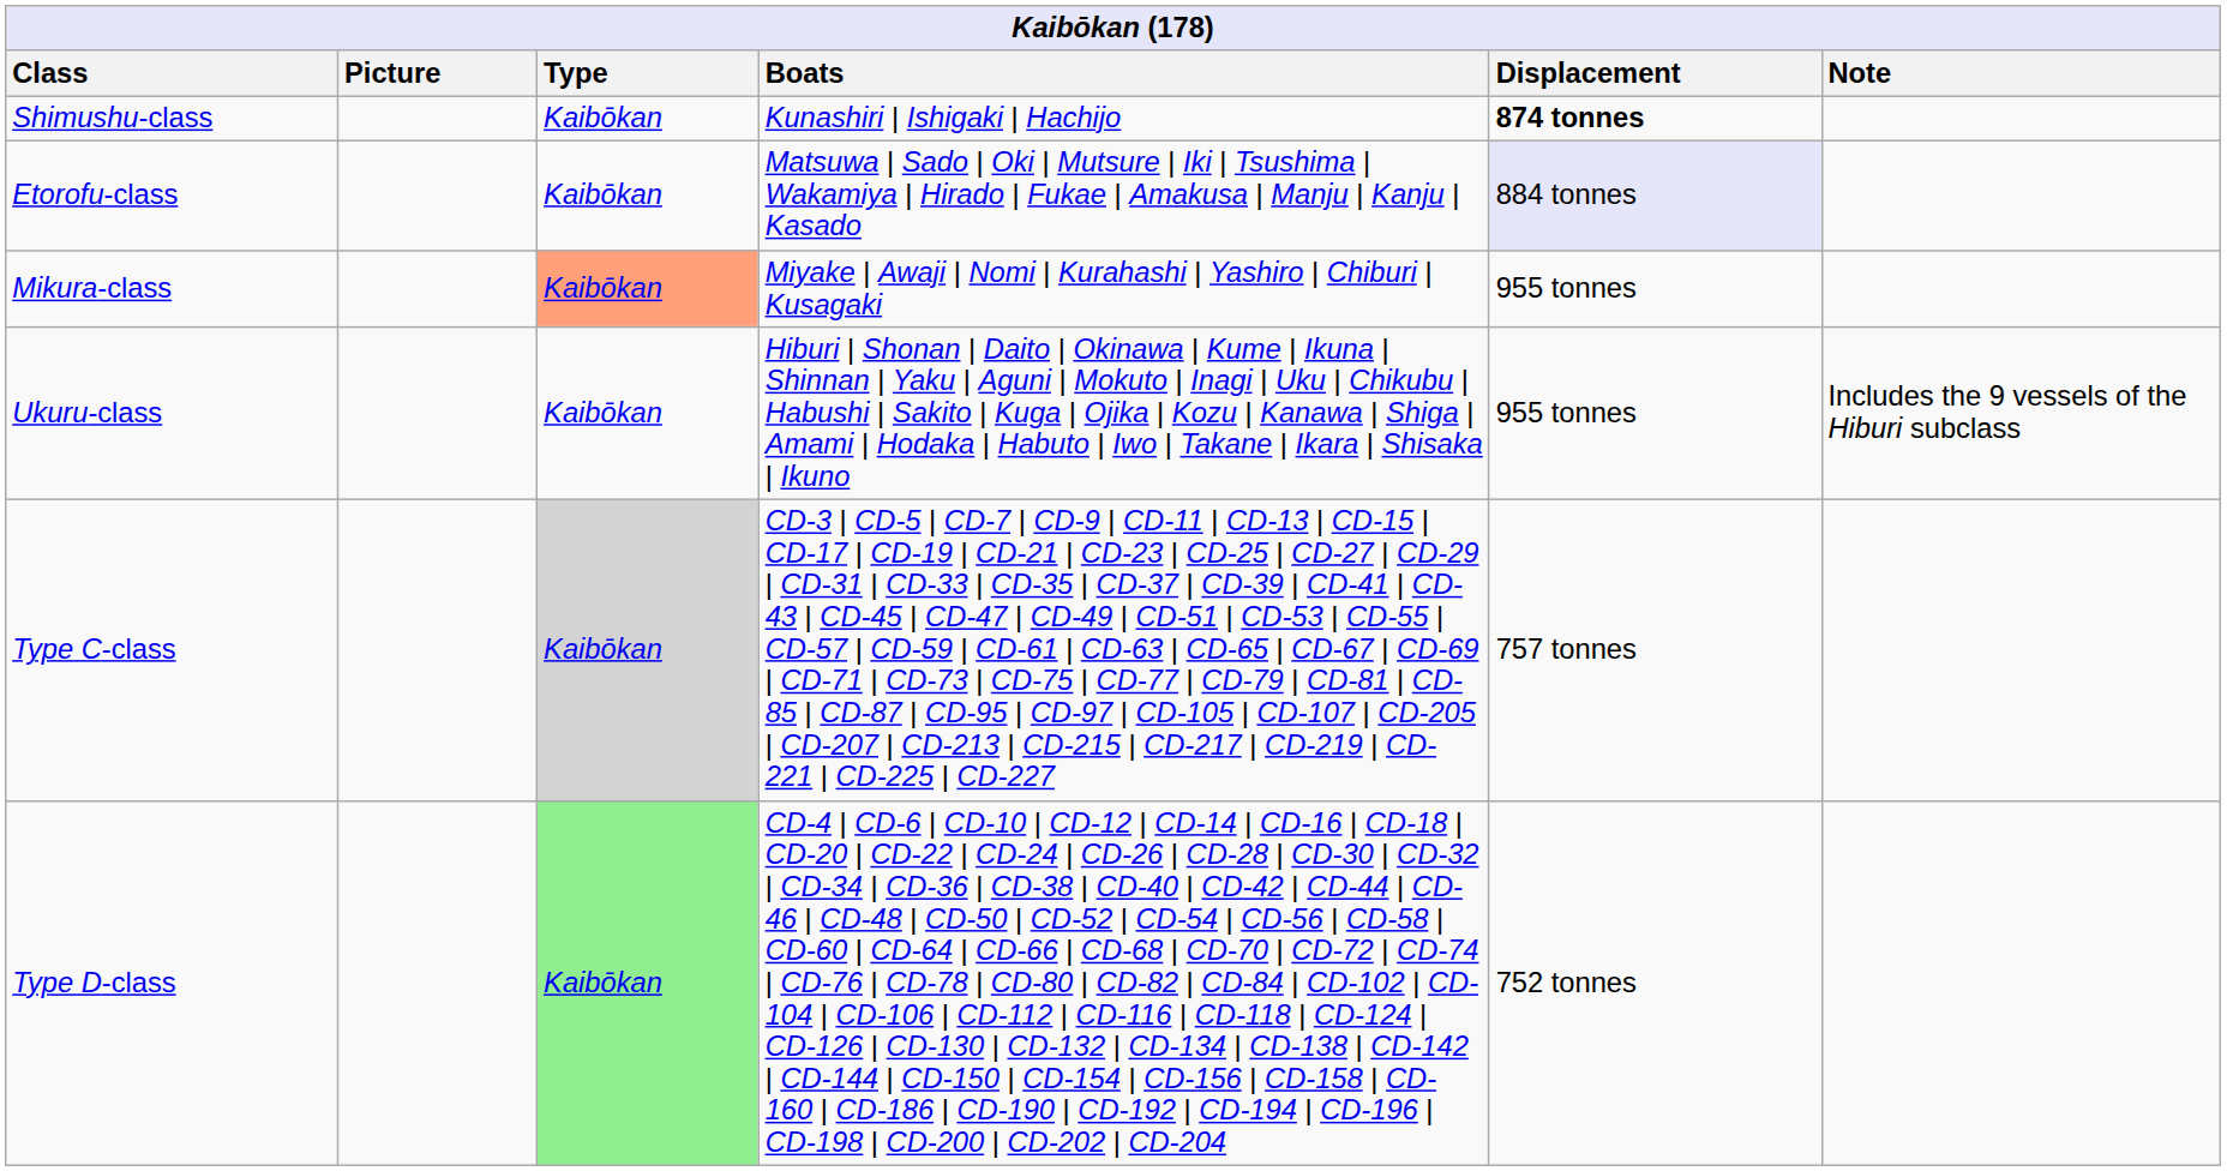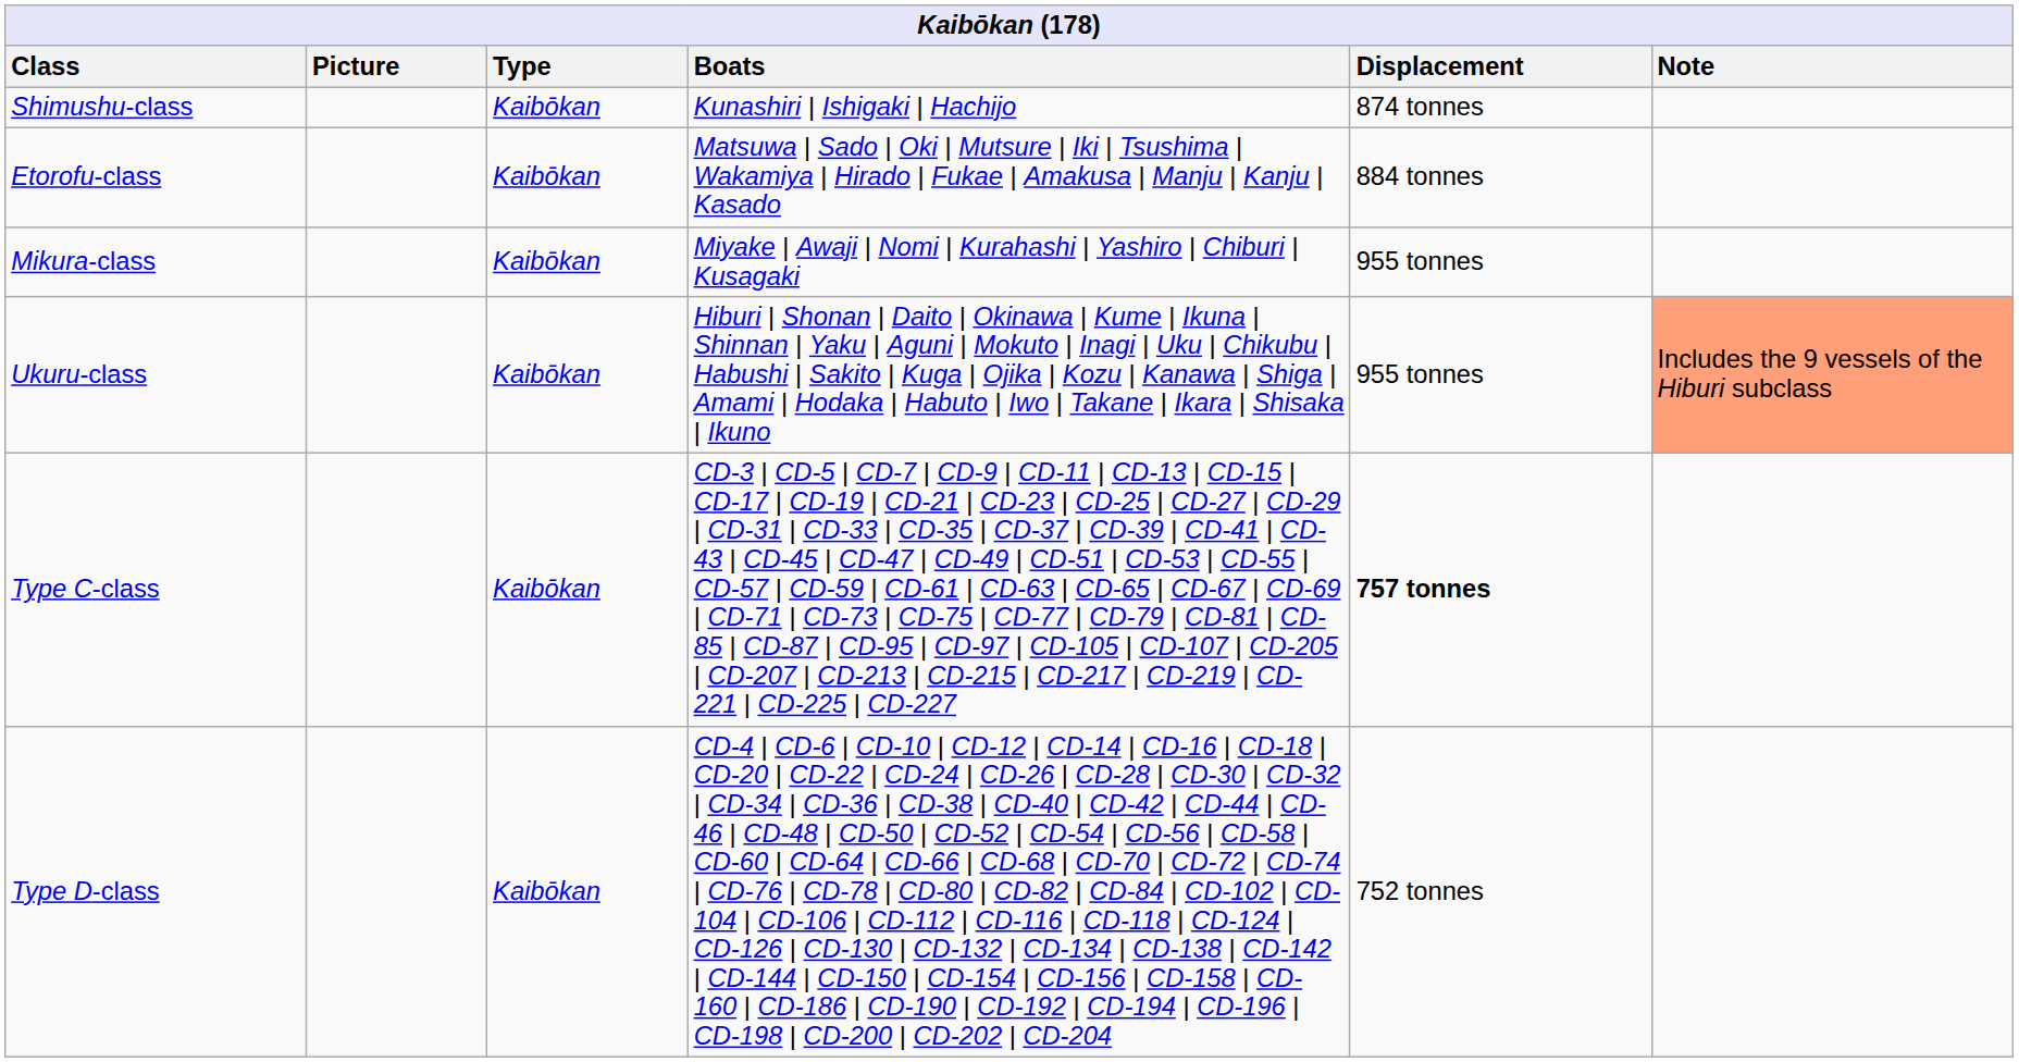 <table class="wikitable ">
 <tr>
 <th colspan="6" style="background: lavender;"><em>Kaibōkan</em> (178)</th>
 </tr>
 <tr>
 <th style="text-align:left; width:15%;">Class</th>
 <th style="text-align:left; width:9%;">Picture</th>
 <th style="text-align:left; width:10%;">Type</th>
 <th style="text-align:left; width:33%;">Boats</th>
 <th style="text-align:left; width:15%;">Displacement</th>
 <th style="text-align:left; width:20%;">Note</th>
 </tr>
 <tr>
 <td><a href='#'><em>Shimushu</em>-class</a></td>
 <td></td>
 <td><em><a href='#'>Kaibōkan</a></em></td>
 <td><a href='#'><em>Kunashiri</em></a>  | <a href='#'><em>Ishigaki</em></a>  | <a href='#'><em>Hachijo</em></a></td>
-<td><strong>874 tonnes</strong></td>
+<td>874 tonnes</td>
 <td></td>
 </tr>
 <tr>
 <td><a href='#'><em>Etorofu</em>-class</a></td>
 <td></td>
 <td><em><a href='#'>Kaibōkan</a></em></td>
 <td><a href='#'><em>Matsuwa</em></a>  | <a href='#'><em>Sado</em></a>  | <a href='#'><em>Oki</em></a>  | <a href='#'><em>Mutsure</em></a>  | <a href='#'><em>Iki</em></a>  | <a href='#'><em>Tsushima</em></a>  | <a href='#'><em>Wakamiya</em></a>  | <a href='#'><em>Hirado</em></a>  | <a href='#'><em>Fukae</em></a>  | <a href='#'><em>Amakusa</em></a>  | <a href='#'><em>Manju</em></a>  | <a href='#'><em>Kanju</em></a>  | <a href='#'><em>Kasado</em></a></td>
-<td style="background: lavender;">884 tonnes</td>
+<td>884 tonnes</td>
 <td></td>
 </tr>
 <tr>
 <td><a href='#'><em>Mikura</em>-class</a></td>
 <td></td>
-<td style="background: lightsalmon;"><em><a href='#'>Kaibōkan</a></em></td>
+<td><em><a href='#'>Kaibōkan</a></em></td>
 <td><a href='#'><em>Miyake</em></a>  | <a href='#'><em>Awaji</em></a>  | <a href='#'><em>Nomi</em></a>  | <a href='#'><em>Kurahashi</em></a>  | <a href='#'><em>Yashiro</em></a>  | <a href='#'><em>Chiburi</em></a>  | <a href='#'><em>Kusagaki</em></a></td>
 <td>955 tonnes</td>
 <td></td>
 </tr>
 <tr>
 <td><a href='#'><em>Ukuru</em>-class</a></td>
 <td></td>
 <td><em><a href='#'>Kaibōkan</a></em></td>
 <td><a href='#'><em>Hiburi</em></a>  | <a href='#'><em>Shonan</em></a>  | <a href='#'><em>Daito</em></a>  | <a href='#'><em>Okinawa</em></a>  | <a href='#'><em>Kume</em></a>  | <a href='#'><em>Ikuna</em></a>  | <a href='#'><em>Shinnan</em></a>  | <a href='#'><em>Yaku</em></a>  | <a href='#'><em>Aguni</em></a>  | <a href='#'><em>Mokuto</em></a>  | <a href='#'><em>Inagi</em></a>  | <a href='#'><em>Uku</em></a>  | <a href='#'><em>Chikubu</em></a>  | <a href='#'><em>Habushi</em></a>  | <a href='#'><em>Sakito</em></a>  | <a href='#'><em>Kuga</em></a>  | <a href='#'><em>Ojika</em></a>  | <a href='#'><em>Kozu</em></a>  | <a href='#'><em>Kanawa</em></a>  | <a href='#'><em>Shiga</em></a>  | <a href='#'><em>Amami</em></a>  | <a href='#'><em>Hodaka</em></a>  | <a href='#'><em>Habuto</em></a>  | <a href='#'><em>Iwo</em></a>  | <a href='#'><em>Takane</em></a>  | <a href='#'><em>Ikara</em></a>  | <a href='#'><em>Shisaka</em></a>  | <a href='#'><em>Ikuno</em></a></td>
 <td>955 tonnes</td>
-<td>Includes the 9 vessels of the <em>Hiburi</em> subclass</td>
+<td style="background: lightsalmon;">Includes the 9 vessels of the <em>Hiburi</em> subclass</td>
 </tr>
 <tr>
 <td><a href='#'><em>Type C</em>-class</a></td>
 <td></td>
-<td style="background: lightgrey;"><em><a href='#'>Kaibōkan</a></em></td>
+<td><em><a href='#'>Kaibōkan</a></em></td>
 <td><a href='#'><em>CD-3</em></a>  |  <a href='#'><em>CD-5</em></a>  |  <a href='#'><em>CD-7</em></a>  |  <a href='#'><em>CD-9</em></a>  |  <a href='#'><em>CD-11</em></a>  |  <a href='#'><em>CD-13</em></a>  |  <a href='#'><em>CD-15</em></a>  |  <a href='#'><em>CD-17</em></a>  |  <a href='#'><em>CD-19</em></a>  |  <a href='#'><em>CD-21</em></a>  |  <a href='#'><em>CD-23</em></a>  |  <a href='#'><em>CD-25</em></a>  |  <a href='#'><em>CD-27</em></a>  |  <a href='#'><em>CD-29</em></a>  |  <a href='#'><em>CD-31</em></a>  |  <a href='#'><em>CD-33</em></a>  |  <a href='#'><em>CD-35</em></a>  |  <a href='#'><em>CD-37</em></a>   |   <a href='#'><em>CD-39</em></a>  |  <a href='#'><em>CD-41</em></a>  |  <a href='#'><em>CD-43</em></a>  |  <a href='#'><em>CD-45</em></a>  |  <a href='#'><em>CD-47</em></a>  |  <a href='#'><em>CD-49</em></a>  |  <a href='#'><em>CD-51</em></a>  |  <a href='#'><em>CD-53</em></a>  |  <a href='#'><em>CD-55</em></a>  |  <a href='#'><em>CD-57</em></a>  |  <a href='#'><em>CD-59</em></a>  |  <a href='#'><em>CD-61</em></a>  |  <a href='#'><em>CD-63</em></a>  |  <a href='#'><em>CD-65</em></a>  |  <a href='#'><em>CD-67</em></a>  |  <a href='#'><em>CD-69</em></a>  |  <a href='#'><em>CD-71</em></a>  |  <a href='#'><em>CD-73</em></a>  |  <a href='#'><em>CD-75</em></a>  |  <a href='#'><em>CD-77</em></a>  |  <a href='#'><em>CD-79</em></a>  |  <a href='#'><em>CD-81</em></a>  |  <a href='#'><em>CD-85</em></a>  |  <a href='#'><em>CD-87</em></a>  |  <a href='#'><em>CD-95</em></a>  |  <a href='#'><em>CD-97</em></a>  |  <a href='#'><em>CD-105</em></a>  |  <a href='#'><em>CD-107</em></a>  |  <a href='#'><em>CD-205</em></a>  |  <a href='#'><em>CD-207</em></a>  |  <a href='#'><em>CD-213</em></a>  |  <a href='#'><em>CD-215</em></a>  |  <a href='#'><em>CD-217</em></a>  |  <a href='#'><em>CD-219</em></a>  |  <a href='#'><em>CD-221</em></a>   |    <a href='#'><em>CD-225</em></a>  |  <a href='#'><em>CD-227</em></a></td>
-<td>757 tonnes</td>
+<td><strong>757 tonnes</strong></td>
 <td></td>
 </tr>
 <tr>
 <td><a href='#'><em>Type D</em>-class</a></td>
 <td></td>
-<td style="background: lightgreen;"><em><a href='#'>Kaibōkan</a></em></td>
+<td><em><a href='#'>Kaibōkan</a></em></td>
 <td><a href='#'><em>CD-4</em></a>  |  <a href='#'><em>CD-6</em></a>  |  <a href='#'><em>CD-10</em></a>  |  <a href='#'><em>CD-12</em></a>  |  <a href='#'><em>CD-14</em></a>  |  <a href='#'><em>CD-16</em></a>  |  <a href='#'><em>CD-18</em></a>  |  <a href='#'><em>CD-20</em></a>   |   <a href='#'><em>CD-22</em></a>  |  <a href='#'><em>CD-24</em></a>  |  <a href='#'><em>CD-26</em></a>  |  <a href='#'><em>CD-28</em></a>  |  <a href='#'><em>CD-30</em></a>  |  <a href='#'><em>CD-32</em></a>  |  <a href='#'><em>CD-34</em></a>  |  <a href='#'><em>CD-36</em></a>  |  <a href='#'><em>CD-38</em></a>  |   <a href='#'><em>CD-40</em></a>  |  <a href='#'><em>CD-42</em></a>  |  <a href='#'><em>CD-44</em></a>  |  <a href='#'><em>CD-46</em></a>  |  <a href='#'><em>CD-48</em></a>  |  <a href='#'><em>CD-50</em></a>  |  <a href='#'><em>CD-52</em></a>  |  <a href='#'><em>CD-54</em></a>  |  <a href='#'><em>CD-56</em></a>   |   <a href='#'><em>CD-58</em></a>  |  <a href='#'><em>CD-60</em></a>  |  <a href='#'><em>CD-64</em></a>  |  <a href='#'><em>CD-66</em></a>  |  <a href='#'><em>CD-68</em></a>  |  <a href='#'><em>CD-70</em></a>  |  <a href='#'><em>CD-72</em></a>  |  <a href='#'><em>CD-74</em></a>  |  <a href='#'><em>CD-76</em></a>   |    <a href='#'><em>CD-78</em></a>  |  <a href='#'><em>CD-80</em></a>  |  <a href='#'><em>CD-82</em></a>  |  <a href='#'><em>CD-84</em></a>  |  <a href='#'><em>CD-102</em></a>  |  <a href='#'><em>CD-104</em></a>  |  <a href='#'><em>CD-106</em></a>  |  <a href='#'><em>CD-112</em></a>  |   <a href='#'><em>CD-116</em></a>  |  <a href='#'><em>CD-118</em></a>  |  <a href='#'><em>CD-124</em></a>  |  <a href='#'><em>CD-126</em></a>  |  <a href='#'><em>CD-130</em></a>  |  <a href='#'><em>CD-132</em></a>  |  <a href='#'><em>CD-134</em></a>  |  <a href='#'><em>CD-138</em></a>   |   <a href='#'><em>CD-142</em></a>  |  <a href='#'><em>CD-144</em></a>  |  <a href='#'><em>CD-150</em></a>  |  <a href='#'><em>CD-154</em></a>  |  <a href='#'><em>CD-156</em></a>  |  <a href='#'><em>CD-158</em></a>  |  <a href='#'><em>CD-160</em></a>  |  <a href='#'><em>CD-186</em></a>  |  <a href='#'><em>CD-190</em></a>  |  <a href='#'><em>CD-192</em></a>  |  <a href='#'><em>CD-194</em></a>  |  <a href='#'><em>CD-196</em></a>  |  <a href='#'><em>CD-198</em></a>  |  <a href='#'><em>CD-200</em></a>  |  <a href='#'><em>CD-202</em></a>  |  <a href='#'><em>CD-204</em></a></td>
 <td>752 tonnes</td>
 <td></td>
 </tr>
 </table>
